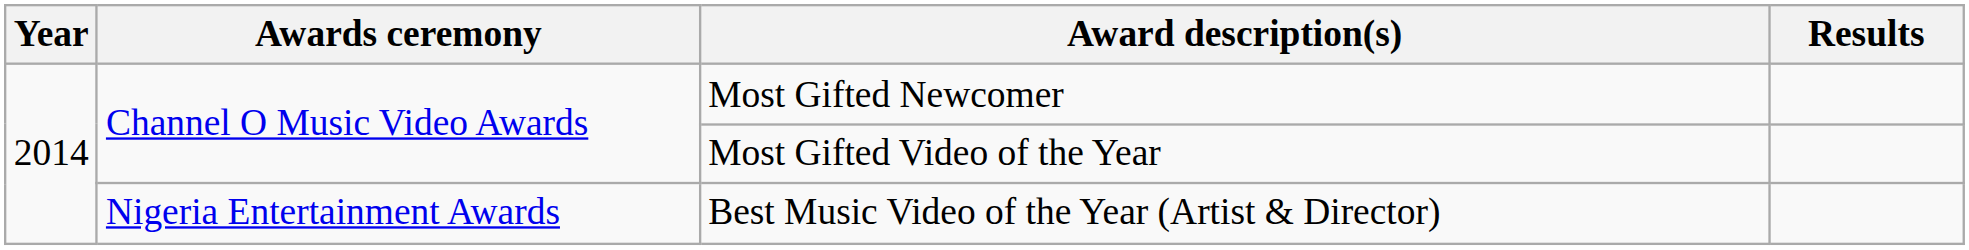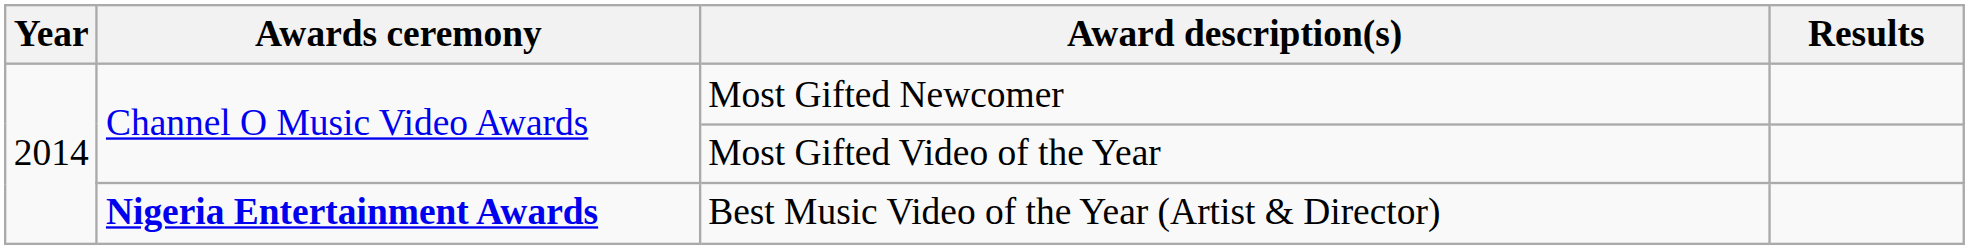 <table class="wikitable">
 <tr>
 <th>Year</th>
 <th width="250">Awards ceremony</th>
 <th width="450">Award description(s)</th>
 <th width="75">Results</th>
 </tr>
 <tr>
 <td rowspan="3">2014</td>
 <td rowspan="2"><a href='#'>Channel O Music Video Awards</a></td>
 <td>Most Gifted Newcomer</td>
 <td></td>
 </tr>
 <tr>
 <td>Most Gifted Video of the Year</td>
 <td></td>
 </tr>
 <tr>
-<td><a href='#'>Nigeria Entertainment Awards</a></td>
+<td><strong><a href='#'>Nigeria Entertainment Awards</a></strong></td>
 <td>Best Music Video of the Year (Artist & Director)</td>
 <td></td>
 </tr>
 </table>
